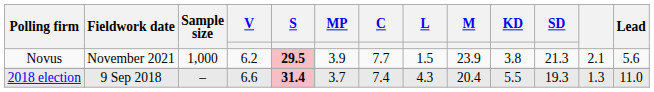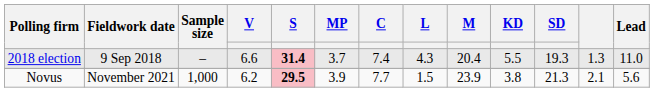 <table class="wikitable sortable" style="text-align:center;font-size:90%;line-height:14px;">
 <tr style="height:40px;">
 <th rowspan="2">Polling firm</th>
 <th rowspan="2">Fieldwork date</th>
 <th rowspan="2">Sample<br>size</th>
 <th class="sortable" style="width:40px;"><a href='#'>V</a></th>
 <th class="sortable" style="width:40px;"><a href='#'>S</a></th>
 <th class="sortable" style="width:40px;"><a href='#'>MP</a></th>
 <th class="sortable" style="width:40px;"><a href='#'>C</a></th>
 <th class="sortable" style="width:40px;"><a href='#'>L</a></th>
 <th class="sortable" style="width:40px;"><a href='#'>M</a></th>
 <th class="sortable" style="width:40px;"><a href='#'>KD</a></th>
 <th class="sortable" style="width:40px;"><a href='#'>SD</a></th>
 <th class="sortable" style="width:30px;" rowspan="2"></th>
 <th style="width:30px;" rowspan="2">Lead</th>
 </tr>
 <tr>
 <th style="background:"></th>
 <th style="background:"></th>
 <th style="background:"></th>
 <th style="background:"></th>
 <th style="background:"></th>
 <th style="background:"></th>
 <th style="background:"></th>
 <th style="background:"></th>
 </tr>
+<tr style="background:#E9E9E9;">
+<td><a href='#'>2018 election</a></td>
+<td data-sort-value="2018-09-09">9 Sep 2018</td>
+<td>–</td>
+<td>6.6</td>
+<td style="background:#F9BDC5;"><strong>31.4</strong></td>
+<td>3.7</td>
+<td>7.4</td>
+<td>4.3</td>
+<td>20.4</td>
+<td>5.5</td>
+<td>19.3</td>
+<td>1.3</td>
+<td style="background:">11.0</td>
+</tr>
+<tr>
+</tr>
 <tr>
 <td>Novus</td>
 <td>November 2021</td>
 <td>1,000</td>
 <td>6.2</td>
 <td style="background:#F9BDC5;"><strong>29.5</strong></td>
 <td>3.9</td>
 <td>7.7</td>
 <td>1.5</td>
 <td>23.9</td>
 <td>3.8</td>
 <td>21.3</td>
 <td>2.1</td>
 <td style="background:">5.6</td>
 </tr>
-<tr>
-</tr>
-<tr style="background:#E9E9E9;">
-<td><a href='#'>2018 election</a></td>
-<td data-sort-value="2018-09-09">9 Sep 2018</td>
-<td>–</td>
-<td>6.6</td>
-<td style="background:#F9BDC5;"><strong>31.4</strong></td>
-<td>3.7</td>
-<td>7.4</td>
-<td>4.3</td>
-<td>20.4</td>
-<td>5.5</td>
-<td>19.3</td>
-<td>1.3</td>
-<td style="background:">11.0</td>
-</tr>
 </table>
